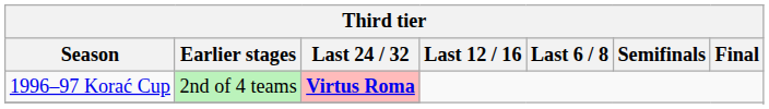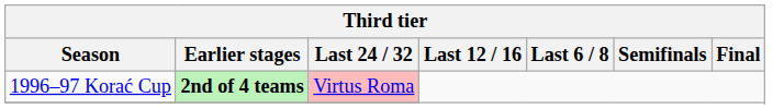 <table class="wikitable" style="font-size:90%">
 <tr>
 <th colspan=7>Third tier</th>
 </tr>
 <tr>
 <th>Season</th>
 <th>Earlier stages</th>
 <th>Last 24 / 32</th>
 <th>Last 12 / 16</th>
 <th>Last 6 / 8</th>
 <th>Semifinals</th>
 <th>Final</th>
 </tr>
 <tr>
 <td><a href='#'>1996–97 Korać Cup</a></td>
-<td bgcolor=#BBF3BB>2nd of 4 teams</td>
-<td bgcolor=#FFBBBB><strong> <a href='#'>Virtus Roma</a></strong></td>
+<td bgcolor=#BBF3BB><strong>2nd of 4 teams</strong></td>
+<td bgcolor=#FFBBBB> <a href='#'>Virtus Roma</a></td>
 </tr>
 <tr>
 </tr>
 </table>
